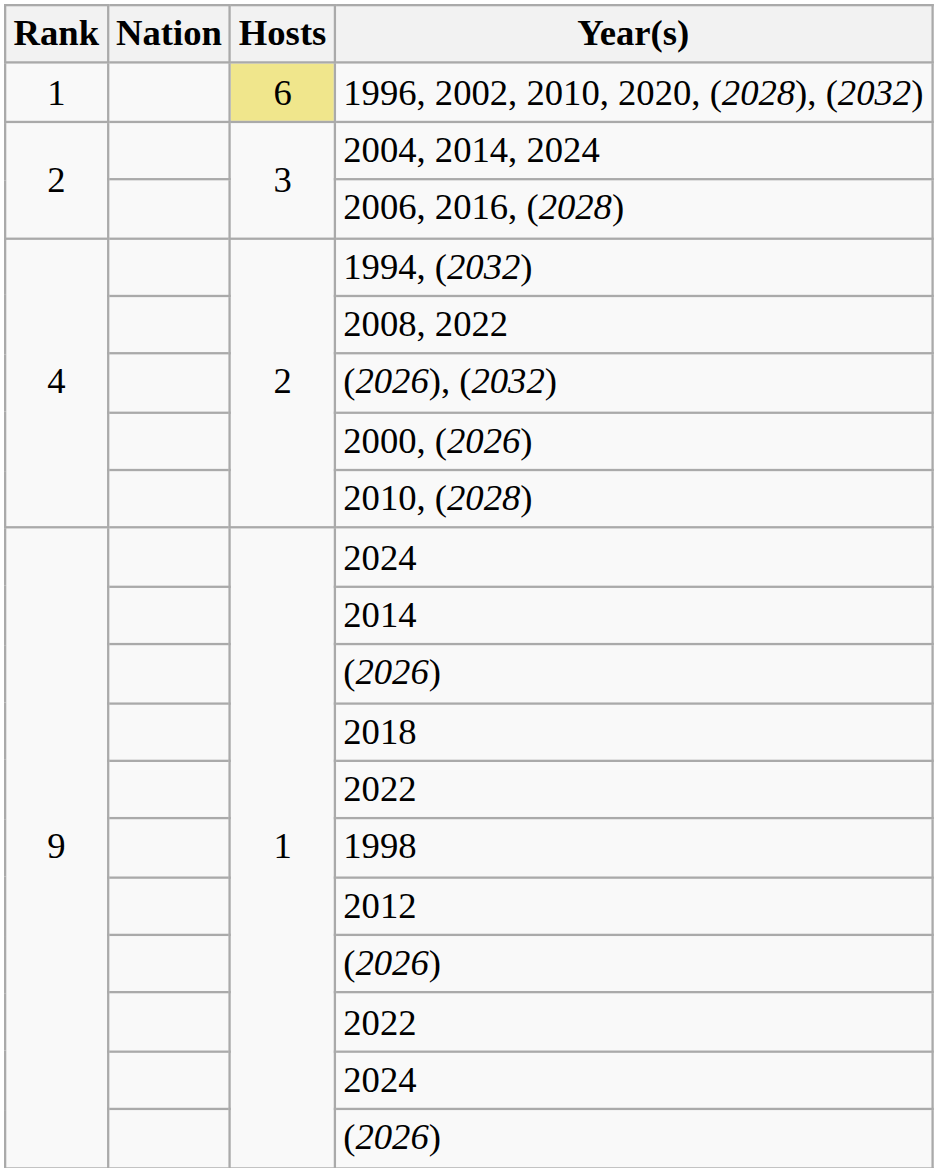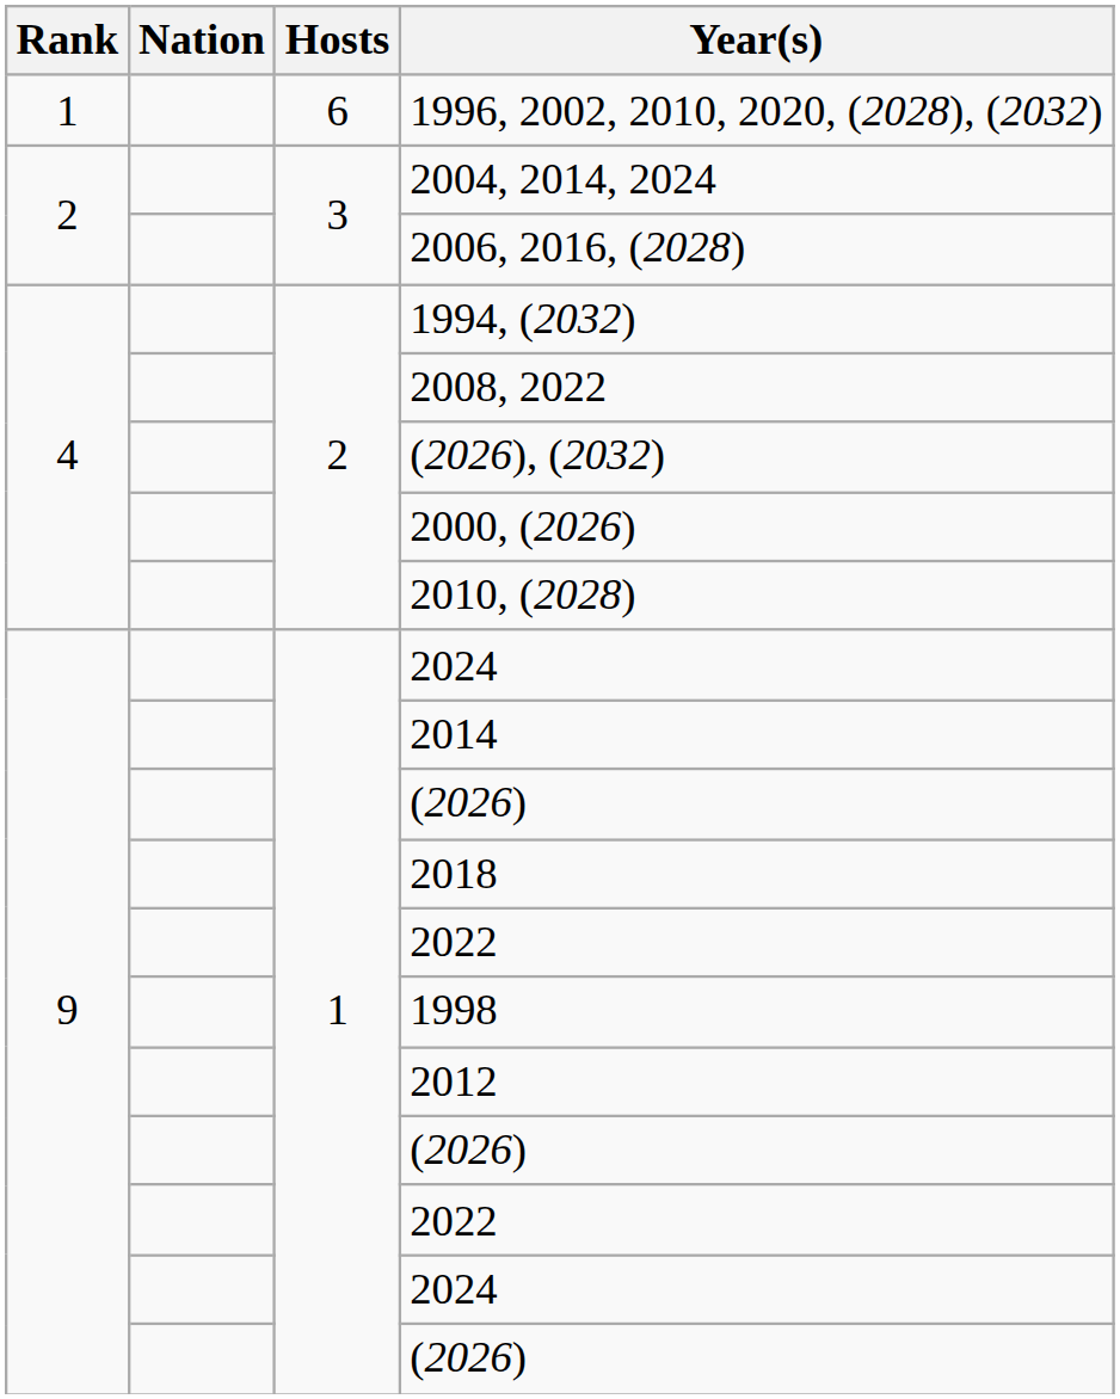 <table class="wikitable">
 <tr>
 <th>Rank</th>
 <th>Nation</th>
 <th>Hosts</th>
 <th>Year(s)</th>
 </tr>
 <tr>
 <td align=center>1</td>
 <td></td>
-<td align=center style="background: khaki;">6</td>
+<td align=center>6</td>
 <td>1996, 2002, 2010, 2020, (<em>2028</em>), (<em>2032</em>)</td>
 </tr>
 <tr>
 <td rowspan="2" align="center">2</td>
 <td></td>
 <td rowspan="2" align="center">3</td>
 <td>2004, 2014, 2024</td>
 </tr>
 <tr>
 <td></td>
 <td>2006, 2016, (<em>2028</em>)</td>
 </tr>
 <tr>
 <td align=center rowspan="5">4</td>
 <td></td>
 <td align=center rowspan="5">2</td>
 <td>1994, (<em>2032</em>)</td>
 </tr>
 <tr>
 <td></td>
 <td>2008, 2022</td>
 </tr>
 <tr>
 <td></td>
 <td>(<em>2026</em>), (<em>2032</em>)</td>
 </tr>
 <tr>
 <td></td>
 <td>2000, (<em>2026</em>)</td>
 </tr>
 <tr>
 <td></td>
 <td>2010, (<em>2028</em>)</td>
 </tr>
 <tr>
 <td align=center rowspan=11>9</td>
 <td></td>
 <td align=center rowspan=11>1</td>
 <td>2024</td>
 </tr>
 <tr>
 <td></td>
 <td>2014</td>
 </tr>
 <tr>
 <td></td>
 <td>(<em>2026</em>)</td>
 </tr>
 <tr>
 <td></td>
 <td>2018</td>
 </tr>
 <tr>
 <td></td>
 <td>2022</td>
 </tr>
 <tr>
 <td></td>
 <td>1998</td>
 </tr>
 <tr>
 <td></td>
 <td>2012</td>
 </tr>
 <tr>
 <td></td>
 <td>(<em>2026</em>)</td>
 </tr>
 <tr>
 <td></td>
 <td>2022</td>
 </tr>
 <tr>
 <td></td>
 <td>2024</td>
 </tr>
 <tr>
 <td></td>
 <td>(<em>2026</em>)</td>
 </tr>
 </table>
